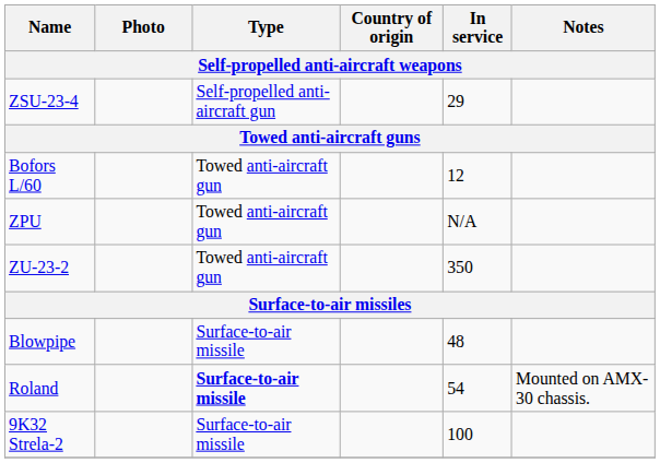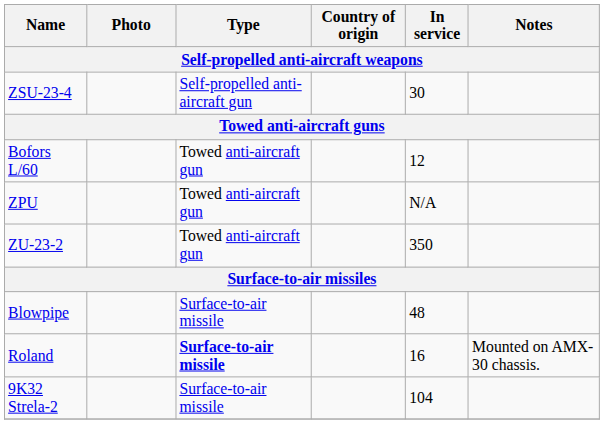 <table class="wikitable">
 <tr>
 <th>Name</th>
 <th style="width:15%;">Photo</th>
 <th>Type</th>
 <th>Country of origin</th>
 <th>In service</th>
 <th>Notes</th>
 </tr>
 <tr>
 <th style="align: center;" colspan="7"><a href='#'>Self-propelled anti-aircraft weapons</a></th>
 </tr>
 <tr>
 <td><a href='#'>ZSU-23-4</a></td>
 <td></td>
 <td><a href='#'>Self-propelled anti-aircraft gun</a></td>
 <td></td>
-<td>29</td>
+<td>30</td>
 <td></td>
 </tr>
 <tr>
 <th style="align: center;" colspan="7"><a href='#'>Towed anti-aircraft guns</a></th>
 </tr>
 <tr>
 <td><a href='#'>Bofors L/60</a></td>
 <td></td>
 <td>Towed <a href='#'>anti-aircraft gun</a></td>
 <td></td>
 <td>12</td>
 <td></td>
 </tr>
 <tr>
 <td><a href='#'>ZPU</a></td>
 <td></td>
 <td>Towed <a href='#'>anti-aircraft gun</a></td>
 <td></td>
 <td>N/A</td>
 <td></td>
 </tr>
 <tr>
 <td><a href='#'>ZU-23-2</a></td>
 <td></td>
 <td>Towed <a href='#'>anti-aircraft gun</a></td>
 <td></td>
 <td>350</td>
 <td></td>
 </tr>
 <tr>
 <th style="align: center;" colspan="6"><a href='#'>Surface-to-air missiles</a></th>
 </tr>
 <tr>
 <td><a href='#'>Blowpipe</a></td>
 <td></td>
 <td><a href='#'>Surface-to-air missile</a></td>
 <td></td>
 <td>48</td>
 <td></td>
 </tr>
 <tr>
 <td><a href='#'>Roland</a></td>
 <td></td>
 <td><strong><a href='#'>Surface-to-air missile</a></strong></td>
 <td></td>
-<td>54</td>
+<td>16</td>
 <td>Mounted on AMX-30 chassis.</td>
 </tr>
 <tr>
 <td><a href='#'>9K32 Strela-2</a></td>
 <td></td>
 <td><a href='#'>Surface-to-air missile</a></td>
 <td></td>
-<td>100</td>
+<td>104</td>
 <td></td>
 </tr>
 <tr>
 </tr>
 </table>
